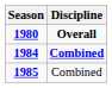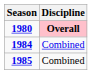 <table class="wikitable">
 <tr>
 <th>Season</th>
 <th>Discipline</th>
 </tr>
 <tr>
 <td align=center><strong><a href='#'>1980</a></strong></td>
-<td align=center><strong>Overall</strong></td>
+<td align=center style="background: pink;"><strong>Overall</strong></td>
 </tr>
 <tr>
 <td align=center><strong><a href='#'>1984</a></strong></td>
-<td align=center><strong><a href='#'>Combined</a></strong></td>
+<td align=center><a href='#'>Combined</a></td>
 </tr>
 <tr>
 <td align=center><strong><a href='#'>1985</a></strong></td>
 <td align=center>Combined</td>
 </tr>
 </table>
